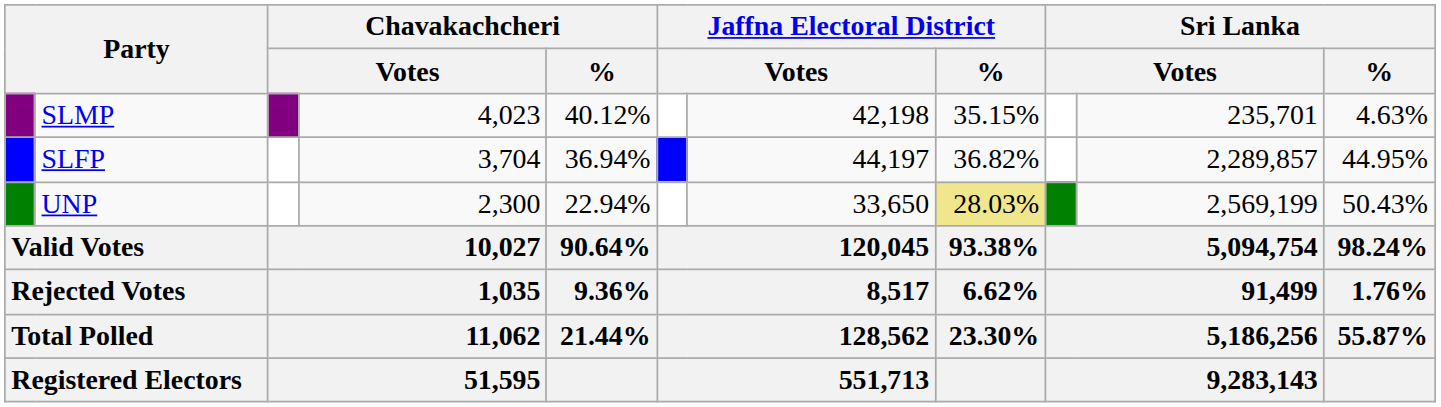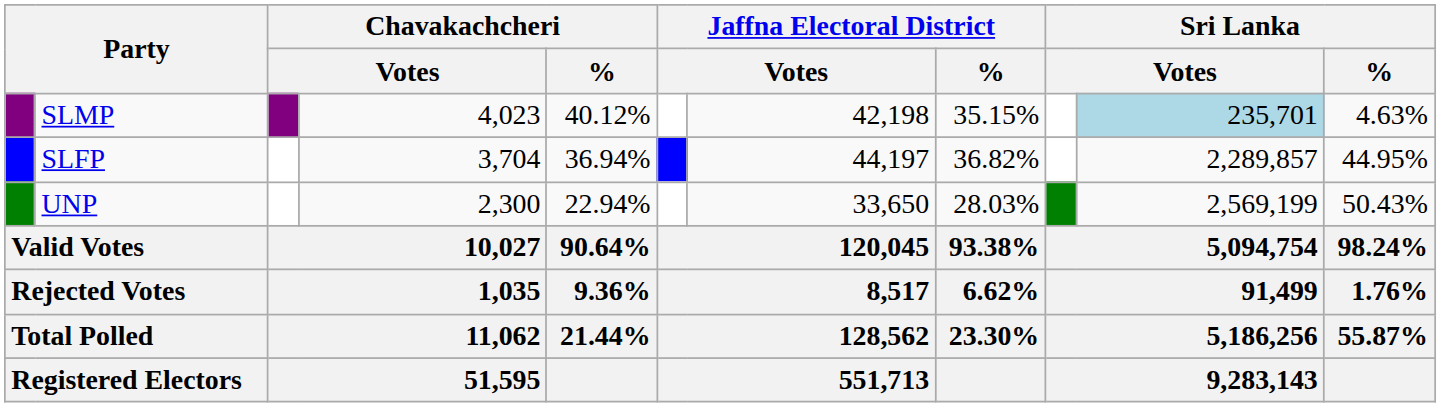 <table class="wikitable">
 <tr>
 <th colspan="2" width="144px"rowspan="2">Party</th>
 <th colspan="3" width="216px">Chavakachcheri</th>
 <th colspan="3" width="216px"><a href='#'>Jaffna Electoral District</a></th>
 <th colspan="3" width="216px">Sri Lanka</th>
 </tr>
 <tr>
 <th colspan="2" width="144px">Votes</th>
 <th>%</th>
 <th colspan="2" width="144px">Votes</th>
 <th>%</th>
 <th colspan="2" width="144px">Votes</th>
 <th>%</th>
 </tr>
 <tr>
 <td style="background-color:purple;" width="10px"></td>
 <td style="text-align:left;"><a href='#'>SLMP</a></td>
 <td style="background-color:purple;" width="10px"></td>
 <td style="text-align:right;">4,023</td>
 <td style="text-align:right;">40.12%</td>
 <td style="background-color:white;" width="10px"></td>
 <td style="text-align:right;">42,198</td>
 <td style="text-align:right;">35.15%</td>
 <td style="background-color:white;" width="10px"></td>
-<td style="text-align:right;">235,701</td>
+<td style="background: lightblue; text-align:right;">235,701</td>
 <td style="text-align:right;">4.63%</td>
 </tr>
 <tr>
 <td style="background-color:blue;" width="10px"></td>
 <td style="text-align:left;"><a href='#'>SLFP</a></td>
 <td style="background-color:white;" width="10px"></td>
 <td style="text-align:right;">3,704</td>
 <td style="text-align:right;">36.94%</td>
 <td style="background-color:blue;" width="10px"></td>
 <td style="text-align:right;">44,197</td>
 <td style="text-align:right;">36.82%</td>
 <td style="background-color:white;" width="10px"></td>
 <td style="text-align:right;">2,289,857</td>
 <td style="text-align:right;">44.95%</td>
 </tr>
 <tr>
 <td style="background-color:green;" width="10px"></td>
 <td style="text-align:left;"><a href='#'>UNP</a></td>
 <td style="background-color:white;" width="10px"></td>
 <td style="text-align:right;">2,300</td>
 <td style="text-align:right;">22.94%</td>
 <td style="background-color:white;" width="10px"></td>
 <td style="text-align:right;">33,650</td>
-<td style="background: khaki; text-align:right;">28.03%</td>
+<td style="text-align:right;">28.03%</td>
 <td style="background-color:green;" width="10px"></td>
 <td style="text-align:right;">2,569,199</td>
 <td style="text-align:right;">50.43%</td>
 </tr>
 <tr>
 <th colspan="2" width="144px"style="text-align:left;">Valid Votes</th>
 <th style="text-align:right;"colspan="2" width="144px">10,027</th>
 <th style="text-align:right;">90.64%</th>
 <th style="text-align:right;"colspan="2" width="144px">120,045</th>
 <th style="text-align:right;">93.38%</th>
 <th style="text-align:right;"colspan="2" width="144px">5,094,754</th>
 <th style="text-align:right;">98.24%</th>
 </tr>
 <tr>
 <th colspan="2" width="144px"style="text-align:left;">Rejected Votes</th>
 <th style="text-align:right;"colspan="2" width="144px">1,035</th>
 <th style="text-align:right;">9.36%</th>
 <th style="text-align:right;"colspan="2" width="144px">8,517</th>
 <th style="text-align:right;">6.62%</th>
 <th style="text-align:right;"colspan="2" width="144px">91,499</th>
 <th style="text-align:right;">1.76%</th>
 </tr>
 <tr>
 <th colspan="2" width="144px"style="text-align:left;">Total Polled</th>
 <th style="text-align:right;"colspan="2" width="144px">11,062</th>
 <th style="text-align:right;">21.44%</th>
 <th style="text-align:right;"colspan="2" width="144px">128,562</th>
 <th style="text-align:right;">23.30%</th>
 <th style="text-align:right;"colspan="2" width="144px">5,186,256</th>
 <th style="text-align:right;">55.87%</th>
 </tr>
 <tr>
 <th colspan="2" width="144px"style="text-align:left;">Registered Electors</th>
 <th style="text-align:right;"colspan="2" width="144px">51,595</th>
 <th></th>
 <th style="text-align:right;"colspan="2" width="144px">551,713</th>
 <th></th>
 <th style="text-align:right;"colspan="2" width="144px">9,283,143</th>
 <th></th>
 </tr>
 </table>
